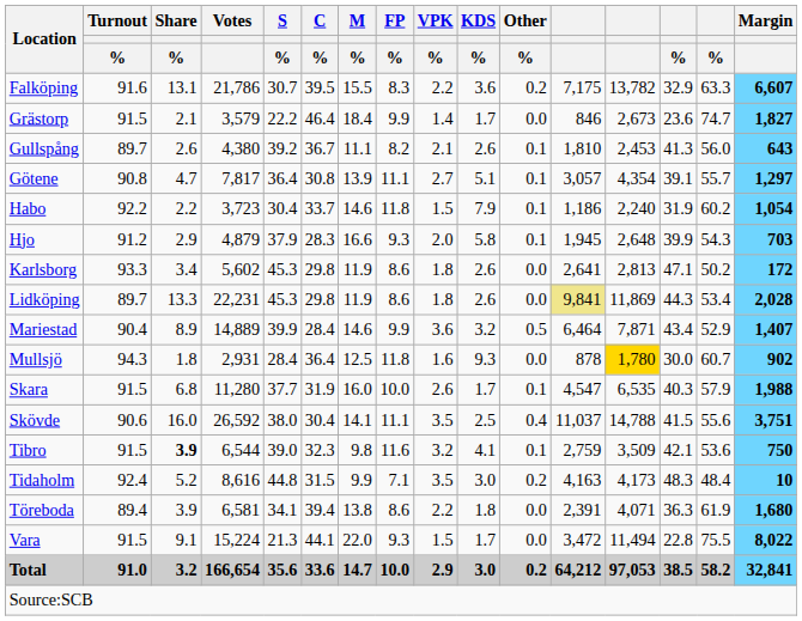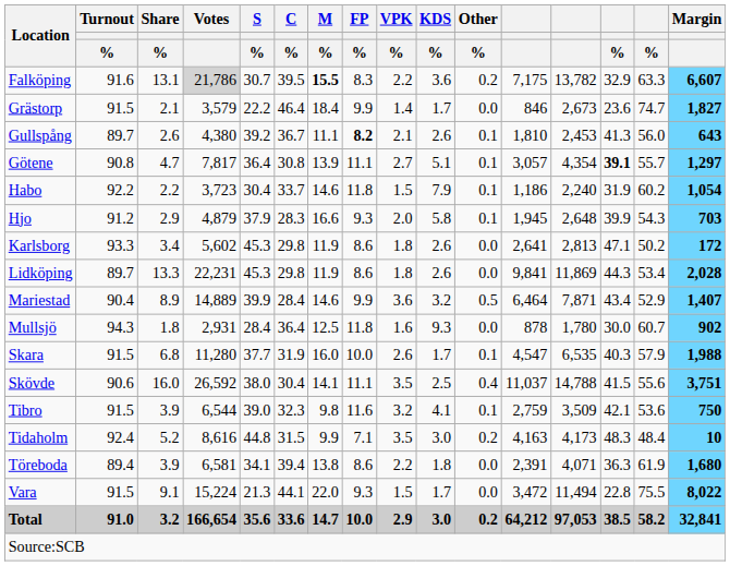 <table class="wikitable sortable" style="text-align:right; font-size:95%; line-height:20px;">
 <tr>
 <th rowspan="3">Location</th>
 <th>Turnout</th>
 <th>Share</th>
 <th>Votes</th>
 <th width="30px" class="unsortable"><a href='#'>S</a></th>
 <th width="30px" class="unsortable"><a href='#'>C</a></th>
 <th width="30px" class="unsortable"><a href='#'>M</a></th>
 <th width="30px" class="unsortable"><a href='#'>FP</a></th>
 <th width="30px" class="unsortable"><a href='#'>VPK</a></th>
 <th width="30px" class="unsortable"><a href='#'>KDS</a></th>
 <th width="30px" class="unsortable">Other</th>
 <th></th>
 <th></th>
 <th></th>
 <th></th>
 <th>Margin</th>
 </tr>
 <tr>
 <th></th>
 <th></th>
 <th></th>
 <th style="background:"></th>
 <th style="background:"></th>
 <th style="background:"></th>
 <th style="background:"></th>
 <th style="background:"></th>
 <th style="background:"></th>
 <th style="background:"></th>
 <th style="background:"></th>
 <th style="background:"></th>
 <th style="background:"></th>
 <th style="background:"></th>
 <th></th>
 </tr>
 <tr>
 <th data-sort-type="number">%</th>
 <th data-sort-type="number">%</th>
 <th></th>
 <th data-sort-type="number">%</th>
 <th data-sort-type="number">%</th>
 <th data-sort-type="number">%</th>
 <th data-sort-type="number">%</th>
 <th data-sort-type="number">%</th>
 <th data-sort-type="number">%</th>
 <th data-sort-type="number">%</th>
 <th data-sort-type="number"></th>
 <th data-sort-type="number"></th>
 <th data-sort-type="number">%</th>
 <th data-sort-type="number">%</th>
 <th data-sort-type="number"></th>
 </tr>
 <tr>
 <td align=left><a href='#'>Falköping</a></td>
 <td>91.6</td>
 <td>13.1</td>
-<td>21,786</td>
+<td style="background: lightgrey;">21,786</td>
 <td>30.7</td>
 <td>39.5</td>
-<td>15.5</td>
+<td><strong>15.5</strong></td>
 <td>8.3</td>
 <td>2.2</td>
 <td>3.6</td>
 <td>0.2</td>
 <td>7,175</td>
 <td>13,782</td>
 <td>32.9</td>
 <td>63.3</td>
 <td bgcolor=#6fd5fe><strong>6,607</strong></td>
 </tr>
 <tr>
 <td align=left><a href='#'>Grästorp</a></td>
 <td>91.5</td>
 <td>2.1</td>
 <td>3,579</td>
 <td>22.2</td>
 <td>46.4</td>
 <td>18.4</td>
 <td>9.9</td>
 <td>1.4</td>
 <td>1.7</td>
 <td>0.0</td>
 <td>846</td>
 <td>2,673</td>
 <td>23.6</td>
 <td>74.7</td>
 <td bgcolor=#6fd5fe><strong>1,827</strong></td>
 </tr>
 <tr>
 <td align=left><a href='#'>Gullspång</a></td>
 <td>89.7</td>
 <td>2.6</td>
 <td>4,380</td>
 <td>39.2</td>
 <td>36.7</td>
 <td>11.1</td>
-<td>8.2</td>
+<td><strong>8.2</strong></td>
 <td>2.1</td>
 <td>2.6</td>
 <td>0.1</td>
 <td>1,810</td>
 <td>2,453</td>
 <td>41.3</td>
 <td>56.0</td>
 <td bgcolor=#6fd5fe><strong>643</strong></td>
 </tr>
 <tr>
 <td align=left><a href='#'>Götene</a></td>
 <td>90.8</td>
 <td>4.7</td>
 <td>7,817</td>
 <td>36.4</td>
 <td>30.8</td>
 <td>13.9</td>
 <td>11.1</td>
 <td>2.7</td>
 <td>5.1</td>
 <td>0.1</td>
 <td>3,057</td>
 <td>4,354</td>
-<td>39.1</td>
+<td><strong>39.1</strong></td>
 <td>55.7</td>
 <td bgcolor=#6fd5fe><strong>1,297</strong></td>
 </tr>
 <tr>
 <td align=left><a href='#'>Habo</a></td>
 <td>92.2</td>
 <td>2.2</td>
 <td>3,723</td>
 <td>30.4</td>
 <td>33.7</td>
 <td>14.6</td>
 <td>11.8</td>
 <td>1.5</td>
 <td>7.9</td>
 <td>0.1</td>
 <td>1,186</td>
 <td>2,240</td>
 <td>31.9</td>
 <td>60.2</td>
 <td bgcolor=#6fd5fe><strong>1,054</strong></td>
 </tr>
 <tr>
 <td align=left><a href='#'>Hjo</a></td>
 <td>91.2</td>
 <td>2.9</td>
 <td>4,879</td>
 <td>37.9</td>
 <td>28.3</td>
 <td>16.6</td>
 <td>9.3</td>
 <td>2.0</td>
 <td>5.8</td>
 <td>0.1</td>
 <td>1,945</td>
 <td>2,648</td>
 <td>39.9</td>
 <td>54.3</td>
 <td bgcolor=#6fd5fe><strong>703</strong></td>
 </tr>
 <tr>
 <td align=left><a href='#'>Karlsborg</a></td>
 <td>93.3</td>
 <td>3.4</td>
 <td>5,602</td>
 <td>45.3</td>
 <td>29.8</td>
 <td>11.9</td>
 <td>8.6</td>
 <td>1.8</td>
 <td>2.6</td>
 <td>0.0</td>
 <td>2,641</td>
 <td>2,813</td>
 <td>47.1</td>
 <td>50.2</td>
 <td bgcolor=#6fd5fe><strong>172</strong></td>
 </tr>
 <tr>
 <td align=left><a href='#'>Lidköping</a></td>
 <td>89.7</td>
 <td>13.3</td>
 <td>22,231</td>
 <td>45.3</td>
 <td>29.8</td>
 <td>11.9</td>
 <td>8.6</td>
 <td>1.8</td>
 <td>2.6</td>
 <td>0.0</td>
-<td style="background: khaki;">9,841</td>
+<td>9,841</td>
 <td>11,869</td>
 <td>44.3</td>
 <td>53.4</td>
 <td bgcolor=#6fd5fe><strong>2,028</strong></td>
 </tr>
 <tr>
 <td align=left><a href='#'>Mariestad</a></td>
 <td>90.4</td>
 <td>8.9</td>
 <td>14,889</td>
 <td>39.9</td>
 <td>28.4</td>
 <td>14.6</td>
 <td>9.9</td>
 <td>3.6</td>
 <td>3.2</td>
 <td>0.5</td>
 <td>6,464</td>
 <td>7,871</td>
 <td>43.4</td>
 <td>52.9</td>
 <td bgcolor=#6fd5fe><strong>1,407</strong></td>
 </tr>
 <tr>
 <td align=left><a href='#'>Mullsjö</a></td>
 <td>94.3</td>
 <td>1.8</td>
 <td>2,931</td>
 <td>28.4</td>
 <td>36.4</td>
 <td>12.5</td>
 <td>11.8</td>
 <td>1.6</td>
 <td>9.3</td>
 <td>0.0</td>
 <td>878</td>
-<td style="background: gold;">1,780</td>
+<td>1,780</td>
 <td>30.0</td>
 <td>60.7</td>
 <td bgcolor=#6fd5fe><strong>902</strong></td>
 </tr>
 <tr>
 <td align=left><a href='#'>Skara</a></td>
 <td>91.5</td>
 <td>6.8</td>
 <td>11,280</td>
 <td>37.7</td>
 <td>31.9</td>
 <td>16.0</td>
 <td>10.0</td>
 <td>2.6</td>
 <td>1.7</td>
 <td>0.1</td>
 <td>4,547</td>
 <td>6,535</td>
 <td>40.3</td>
 <td>57.9</td>
 <td bgcolor=#6fd5fe><strong>1,988</strong></td>
 </tr>
 <tr>
 <td align=left><a href='#'>Skövde</a></td>
 <td>90.6</td>
 <td>16.0</td>
 <td>26,592</td>
 <td>38.0</td>
 <td>30.4</td>
 <td>14.1</td>
 <td>11.1</td>
 <td>3.5</td>
 <td>2.5</td>
 <td>0.4</td>
 <td>11,037</td>
 <td>14,788</td>
 <td>41.5</td>
 <td>55.6</td>
 <td bgcolor=#6fd5fe><strong>3,751</strong></td>
 </tr>
 <tr>
 <td align=left><a href='#'>Tibro</a></td>
 <td>91.5</td>
-<td><strong>3.9</strong></td>
+<td>3.9</td>
 <td>6,544</td>
 <td>39.0</td>
 <td>32.3</td>
 <td>9.8</td>
 <td>11.6</td>
 <td>3.2</td>
 <td>4.1</td>
 <td>0.1</td>
 <td>2,759</td>
 <td>3,509</td>
 <td>42.1</td>
 <td>53.6</td>
 <td bgcolor=#6fd5fe><strong>750</strong></td>
 </tr>
 <tr>
 <td align=left><a href='#'>Tidaholm</a></td>
 <td>92.4</td>
 <td>5.2</td>
 <td>8,616</td>
 <td>44.8</td>
 <td>31.5</td>
 <td>9.9</td>
 <td>7.1</td>
 <td>3.5</td>
 <td>3.0</td>
 <td>0.2</td>
 <td>4,163</td>
 <td>4,173</td>
 <td>48.3</td>
 <td>48.4</td>
 <td bgcolor=#6fd5fe><strong>10</strong></td>
 </tr>
 <tr>
 <td align=left><a href='#'>Töreboda</a></td>
 <td>89.4</td>
 <td>3.9</td>
 <td>6,581</td>
 <td>34.1</td>
 <td>39.4</td>
 <td>13.8</td>
 <td>8.6</td>
 <td>2.2</td>
 <td>1.8</td>
 <td>0.0</td>
 <td>2,391</td>
 <td>4,071</td>
 <td>36.3</td>
 <td>61.9</td>
 <td bgcolor=#6fd5fe><strong>1,680</strong></td>
 </tr>
 <tr>
 <td align=left><a href='#'>Vara</a></td>
 <td>91.5</td>
 <td>9.1</td>
 <td>15,224</td>
 <td>21.3</td>
 <td>44.1</td>
 <td>22.0</td>
 <td>9.3</td>
 <td>1.5</td>
 <td>1.7</td>
 <td>0.0</td>
 <td>3,472</td>
 <td>11,494</td>
 <td>22.8</td>
 <td>75.5</td>
 <td bgcolor=#6fd5fe><strong>8,022</strong></td>
 </tr>
 <tr style="background:#CDCDCD;">
 <td align=left><strong>Total</strong></td>
 <td><strong>91.0</strong></td>
 <td><strong>3.2</strong></td>
 <td><strong>166,654</strong></td>
 <td><strong>35.6</strong></td>
 <td><strong>33.6</strong></td>
 <td><strong>14.7</strong></td>
 <td><strong>10.0</strong></td>
 <td><strong>2.9</strong></td>
 <td><strong>3.0</strong></td>
 <td><strong>0.2</strong></td>
 <td><strong>64,212</strong></td>
 <td><strong>97,053</strong></td>
 <td><strong>38.5</strong></td>
 <td><strong>58.2</strong></td>
 <td bgcolor=#6fd5fe><strong>32,841</strong></td>
 </tr>
 <tr>
 <td align=left colspan=16>Source:SCB </td>
 </tr>
 </table>
